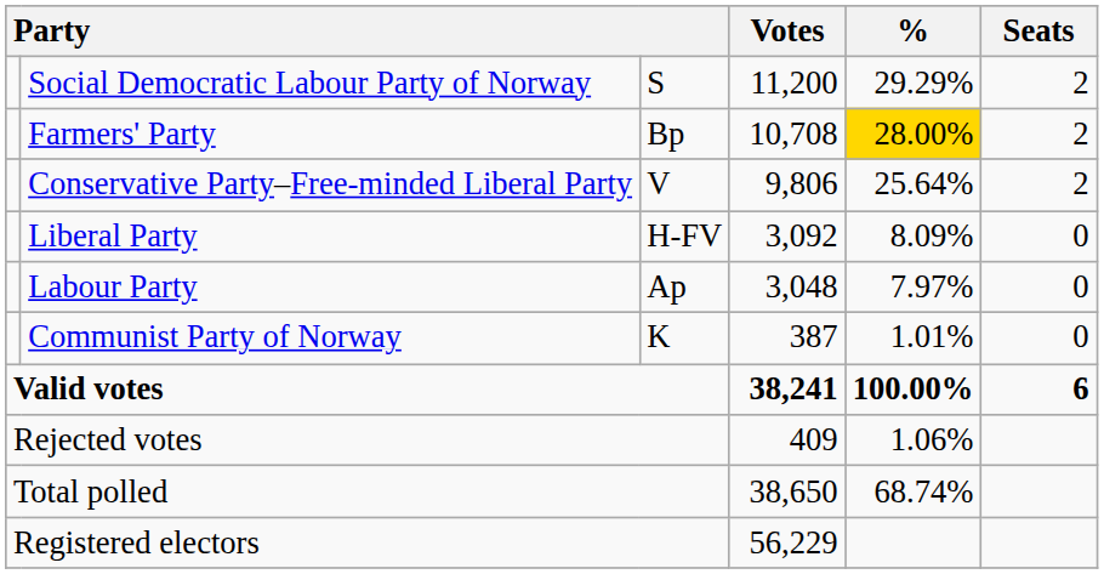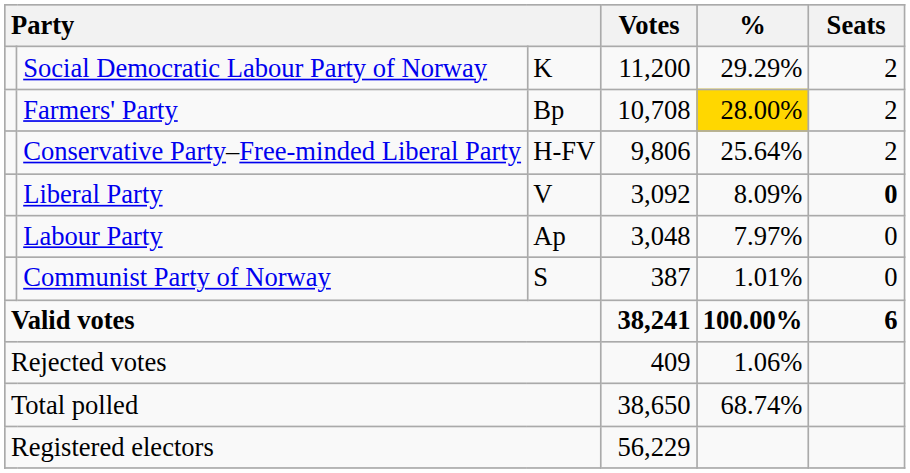 <table class="wikitable" border="1" style="text-align:right;">
 <tr>
 <th style="text-align:left;" colspan=3>Party</th>
 <th align=center width="50">Votes</th>
 <th align=center width="50">%</th>
 <th align=center width="50">Seats</th>
 </tr>
 <tr>
 <td style="color:inherit;background:"></td>
 <td align=left><a href='#'>Social Democratic Labour Party of Norway</a></td>
-<td align=left>S</td>
+<td align=left>K</td>
 <td>11,200</td>
 <td>29.29%</td>
 <td>2</td>
 </tr>
 <tr>
 <td style="color:inherit;background:"></td>
 <td align=left><a href='#'>Farmers' Party</a></td>
 <td align=left>Bp</td>
 <td>10,708</td>
 <td style="background: gold;">28.00%</td>
 <td>2</td>
 </tr>
 <tr>
 <td></td>
 <td align=left><a href='#'>Conservative Party</a>–<a href='#'>Free-minded Liberal Party</a></td>
-<td align=left>V</td>
+<td align=left>H-FV</td>
 <td>9,806</td>
 <td>25.64%</td>
 <td>2</td>
 </tr>
 <tr>
 <td style="color:inherit;background:"></td>
 <td align=left><a href='#'>Liberal Party</a></td>
-<td align=left>H-FV</td>
+<td align=left>V</td>
 <td>3,092</td>
 <td>8.09%</td>
-<td>0</td>
+<td><strong>0</strong></td>
 </tr>
 <tr>
 <td style="color:inherit;background:"></td>
 <td align=left><a href='#'>Labour Party</a></td>
 <td align=left>Ap</td>
 <td>3,048</td>
 <td>7.97%</td>
 <td>0</td>
 </tr>
 <tr>
 <td style="color:inherit;background:"></td>
 <td align=left><a href='#'>Communist Party of Norway</a></td>
-<td align=left>K</td>
+<td align=left>S</td>
 <td>387</td>
 <td>1.01%</td>
 <td>0</td>
 </tr>
 <tr style="font-weight:bold">
 <td align=left colspan=3>Valid votes</td>
 <td>38,241</td>
 <td>100.00%</td>
 <td>6</td>
 </tr>
 <tr>
 <td align=left colspan=3>Rejected votes</td>
 <td>409</td>
 <td>1.06%</td>
 <td></td>
 </tr>
 <tr>
 <td align=left colspan=3>Total polled</td>
 <td>38,650</td>
 <td>68.74%</td>
 <td></td>
 </tr>
 <tr>
 <td align=left colspan=3>Registered electors</td>
 <td>56,229</td>
 <td></td>
 <td></td>
 </tr>
 </table>
